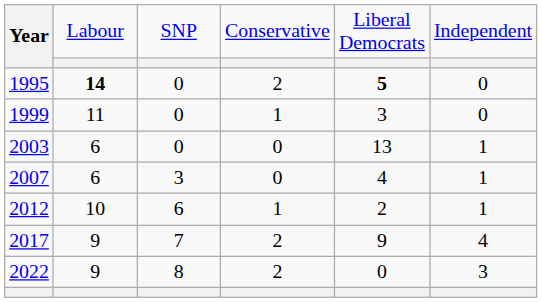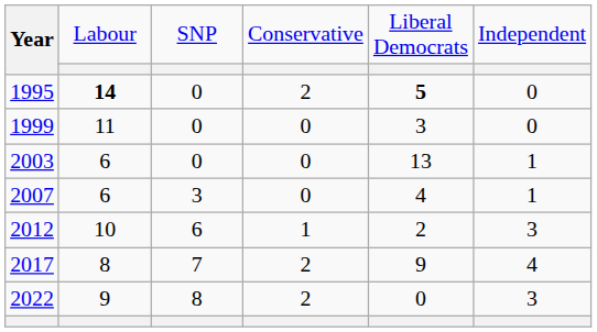 <table class=wikitable style=text-align:center>
 <tr>
 <th rowspan=2>Year</th>
 <td width="60"><a href='#'>Labour</a></td>
 <td width="60"><a href='#'>SNP</a></td>
 <td width="60"><a href='#'>Conservative</a></td>
 <td width="60"><a href='#'>Liberal Democrats</a></td>
 <td width="60"><a href='#'>Independent</a></td>
 </tr>
 <tr>
 <th style="background-color: "></th>
 <th style="background-color: "></th>
 <th style="background-color: "></th>
 <th style="background-color: "></th>
 <th style="background-color: "></th>
 </tr>
 <tr>
 <td><a href='#'>1995</a></td>
 <td><strong>14</strong></td>
 <td>0</td>
 <td>2</td>
 <td><strong>5</strong></td>
 <td>0</td>
 </tr>
 <tr>
 <td><a href='#'>1999</a></td>
 <td>11</td>
 <td>0</td>
-<td>1</td>
+<td>0</td>
 <td>3</td>
 <td>0</td>
 </tr>
 <tr>
 <td><a href='#'>2003</a></td>
 <td>6</td>
 <td>0</td>
 <td>0</td>
 <td>13</td>
 <td>1</td>
 </tr>
 <tr>
 <td><a href='#'>2007</a></td>
 <td>6</td>
 <td>3</td>
 <td>0</td>
 <td>4</td>
 <td>1</td>
 </tr>
 <tr>
 <td><a href='#'>2012</a></td>
 <td>10</td>
 <td>6</td>
 <td>1</td>
 <td>2</td>
-<td>1</td>
+<td>3</td>
 </tr>
 <tr>
 <td><a href='#'>2017</a></td>
-<td>9</td>
+<td>8</td>
 <td>7</td>
 <td>2</td>
 <td>9</td>
 <td>4</td>
 </tr>
 <tr>
 <td><a href='#'>2022</a></td>
 <td>9</td>
 <td>8</td>
 <td>2</td>
 <td>0</td>
 <td>3</td>
 </tr>
 <tr>
 <th></th>
 <th style="background-color: "></th>
 <th style="background-color: "></th>
 <th style="background-color: "></th>
 <th style="background-color: "></th>
 <th style="background-color: "></th>
 </tr>
 </table>
